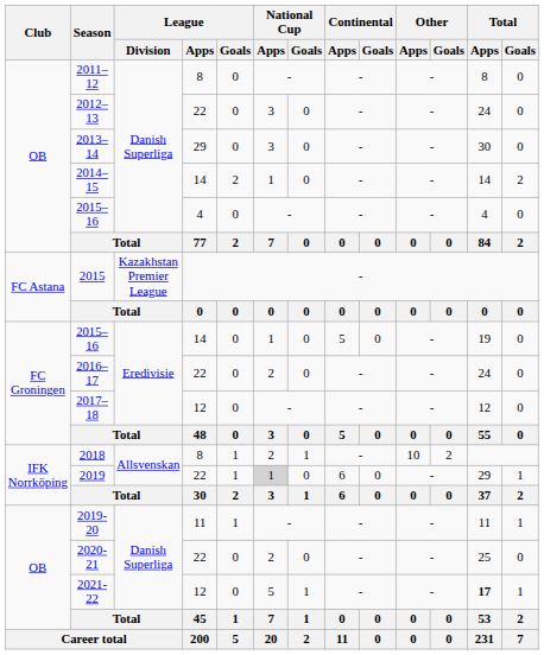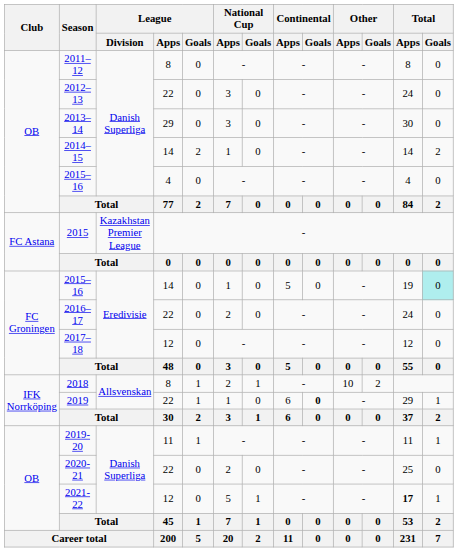 <table class="wikitable" style="text-align: center;">
 <tr>
 <th rowspan="2">Club</th>
 <th rowspan="2">Season</th>
 <th colspan="3">League</th>
 <th colspan="2">National Cup</th>
 <th colspan="2">Continental</th>
 <th colspan="2">Other</th>
 <th colspan="2">Total</th>
 </tr>
 <tr>
 <th>Division</th>
 <th>Apps</th>
 <th>Goals</th>
 <th>Apps</th>
 <th>Goals</th>
 <th>Apps</th>
 <th>Goals</th>
 <th>Apps</th>
 <th>Goals</th>
 <th>Apps</th>
 <th>Goals</th>
 </tr>
 <tr>
 <td rowspan="6"><a href='#'>OB</a></td>
 <td><a href='#'>2011–12</a></td>
 <td rowspan="5"><a href='#'>Danish Superliga</a></td>
 <td>8</td>
 <td>0</td>
 <td colspan="2">-</td>
 <td colspan="2">-</td>
 <td colspan="2">-</td>
 <td>8</td>
 <td>0</td>
 </tr>
 <tr>
 <td><a href='#'>2012–13</a></td>
 <td>22</td>
 <td>0</td>
 <td>3</td>
 <td>0</td>
 <td colspan="2">-</td>
 <td colspan="2">-</td>
 <td>24</td>
 <td>0</td>
 </tr>
 <tr>
 <td><a href='#'>2013–14</a></td>
 <td>29</td>
 <td>0</td>
 <td>3</td>
 <td>0</td>
 <td colspan="2">-</td>
 <td colspan="2">-</td>
 <td>30</td>
 <td>0</td>
 </tr>
 <tr>
 <td><a href='#'>2014–15</a></td>
 <td>14</td>
 <td>2</td>
 <td>1</td>
 <td>0</td>
 <td colspan="2">-</td>
 <td colspan="2">-</td>
 <td>14</td>
 <td>2</td>
 </tr>
 <tr>
 <td><a href='#'>2015–16</a></td>
 <td>4</td>
 <td>0</td>
 <td colspan="2">-</td>
 <td colspan="2">-</td>
 <td colspan="2">-</td>
 <td>4</td>
 <td>0</td>
 </tr>
 <tr>
 <th colspan="2">Total</th>
 <th>77</th>
 <th>2</th>
 <th>7</th>
 <th>0</th>
 <th>0</th>
 <th>0</th>
 <th>0</th>
 <th>0</th>
 <th>84</th>
 <th>2</th>
 </tr>
 <tr>
 <td rowspan="2"><a href='#'>FC Astana</a></td>
 <td><a href='#'>2015</a></td>
 <td><a href='#'>Kazakhstan Premier League</a></td>
 <td colspan="10">-</td>
 </tr>
 <tr>
 <th colspan="2">Total</th>
 <th>0</th>
 <th>0</th>
 <th>0</th>
 <th>0</th>
 <th>0</th>
 <th>0</th>
 <th>0</th>
 <th>0</th>
 <th>0</th>
 <th>0</th>
 </tr>
 <tr>
 <td rowspan="4"><a href='#'>FC Groningen</a></td>
 <td><a href='#'>2015–16</a></td>
 <td rowspan="3"><a href='#'>Eredivisie</a></td>
 <td>14</td>
 <td>0</td>
 <td>1</td>
 <td>0</td>
 <td>5</td>
 <td>0</td>
 <td colspan="2">-</td>
 <td>19</td>
-<td>0</td>
+<td style="background: paleturquoise;">0</td>
 </tr>
 <tr>
 <td><a href='#'>2016–17</a></td>
 <td>22</td>
 <td>0</td>
 <td>2</td>
 <td>0</td>
 <td colspan="2">-</td>
 <td colspan="2">-</td>
 <td>24</td>
 <td>0</td>
 </tr>
 <tr>
 <td><a href='#'>2017–18</a></td>
 <td>12</td>
 <td>0</td>
 <td colspan="2">-</td>
 <td colspan="2">-</td>
 <td colspan="2">-</td>
 <td>12</td>
 <td>0</td>
 </tr>
 <tr>
 <th colspan="2">Total</th>
 <th>48</th>
 <th>0</th>
 <th>3</th>
 <th>0</th>
 <th>5</th>
 <th>0</th>
 <th>0</th>
 <th>0</th>
 <th>55</th>
 <th>0</th>
 </tr>
 <tr>
 <td rowspan="3"><a href='#'>IFK Norrköping</a></td>
 <td><a href='#'>2018</a></td>
 <td rowspan="2"><a href='#'>Allsvenskan</a></td>
 <td>8</td>
 <td>1</td>
 <td>2</td>
 <td>1</td>
 <td colspan="2">-</td>
 <td>10</td>
 <td>2</td>
 </tr>
 <tr>
 <td><a href='#'>2019</a></td>
 <td>22</td>
 <td>1</td>
-<td style="background: lightgrey;">1</td>
+<td>1</td>
 <td>0</td>
 <td>6</td>
-<td>0</td>
+<td><strong>0</strong></td>
 <td colspan="2">-</td>
 <td>29</td>
 <td>1</td>
 </tr>
 <tr>
 <th colspan="2">Total</th>
 <th>30</th>
 <th>2</th>
 <th>3</th>
 <th>1</th>
 <th>6</th>
 <th>0</th>
 <th>0</th>
 <th>0</th>
 <th>37</th>
 <th>2</th>
 </tr>
 <tr>
 <td rowspan="4"><a href='#'>OB</a></td>
 <td><a href='#'>2019-20</a></td>
 <td rowspan="3"><a href='#'>Danish Superliga</a></td>
 <td>11</td>
 <td>1</td>
 <td colspan="2">-</td>
 <td colspan="2">-</td>
 <td colspan="2">-</td>
 <td>11</td>
 <td>1</td>
 </tr>
 <tr>
 <td><a href='#'>2020-21</a></td>
 <td>22</td>
 <td>0</td>
 <td>2</td>
 <td>0</td>
 <td colspan="2">-</td>
 <td colspan="2">-</td>
 <td>25</td>
 <td>0</td>
 </tr>
 <tr>
 <td><a href='#'>2021-22</a></td>
 <td>12</td>
 <td>0</td>
 <td>5</td>
 <td>1</td>
 <td colspan="2">-</td>
 <td colspan="2">-</td>
 <td><strong>17</strong></td>
 <td>1</td>
 </tr>
 <tr>
 <th colspan="2">Total</th>
 <th>45</th>
 <th>1</th>
 <th>7</th>
 <th>1</th>
 <th>0</th>
 <th>0</th>
 <th>0</th>
 <th>0</th>
 <th>53</th>
 <th>2</th>
 </tr>
 <tr>
 <th colspan="3">Career total</th>
 <th>200</th>
 <th>5</th>
 <th>20</th>
 <th>2</th>
 <th>11</th>
 <th>0</th>
 <th>0</th>
 <th>0</th>
 <th>231</th>
 <th>7</th>
 </tr>
 </table>
